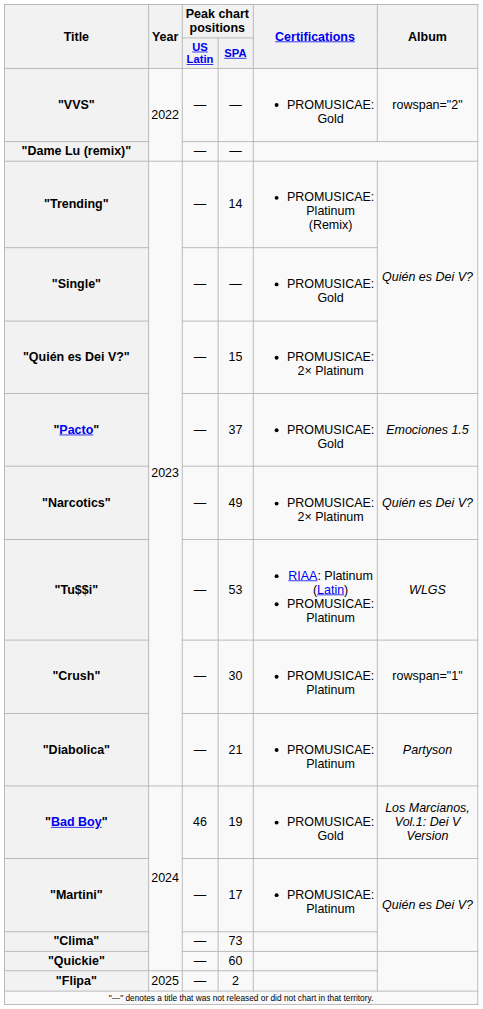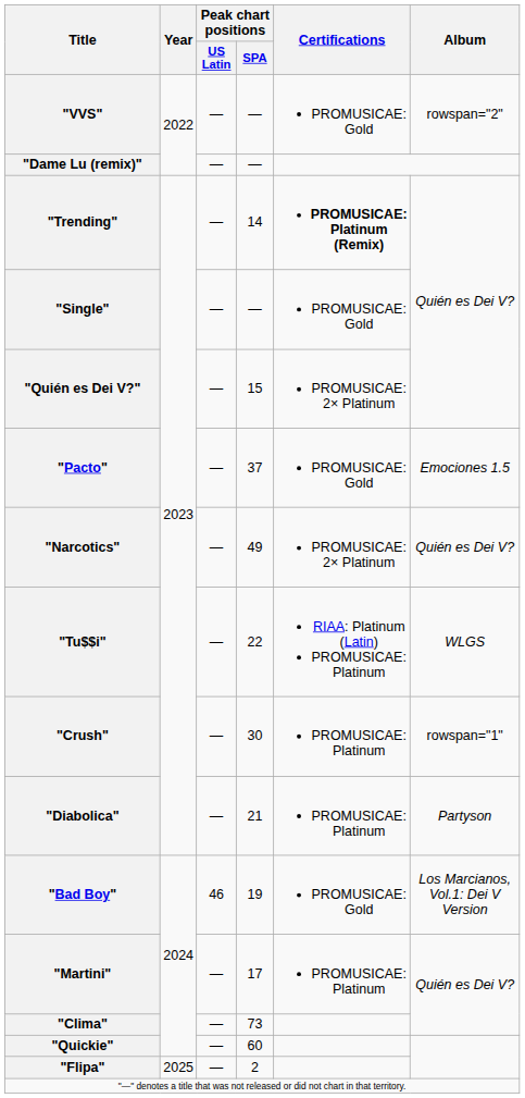 <table class="wikitable plainrowheaders" style="text-align:center;">
 <tr>
 <th scope="col" rowspan="2" style="width:15em;">Title</th>
 <th scope="col" rowspan="2" style="width:1em;">Year</th>
 <th scope="col" colspan="2">Peak chart positions</th>
 <th scope="col" rowspan="2"><a href='#'>Certifications</a></th>
 <th scope="col" rowspan="2" style="width:9em;">Album</th>
 </tr>
 <tr>
 <th scope="col" style="width:3em;font-size:90%;"><a href='#'>US<br>Latin</a><br></th>
 <th scope="col" style="width:3em;font-size:90%;"><a href='#'>SPA</a><br></th>
 </tr>
 <tr>
 <th scope="row">"VVS"</th>
 <td rowspan="2">2022</td>
 <td>—</td>
 <td>—</td>
 <td><br><ul><li>PROMUSICAE: Gold</li></ul></td>
 <td>rowspan="2" </td>
 </tr>
 <tr>
 <th scope="row">"Dame Lu (remix)"<br></th>
 <td>—</td>
 <td>—</td>
 </tr>
 <tr>
 <th scope="row">"Trending"<br></th>
 <td rowspan="8">2023</td>
 <td>—</td>
 <td>14</td>
-<td><br><ul><li>PROMUSICAE: Platinum (Remix)</li></ul></td>
+<td><strong><br><ul><li>PROMUSICAE: Platinum (Remix)</li></ul></strong></td>
 <td rowspan="3"><em>Quién es Dei V?</em></td>
 </tr>
 <tr>
 <th scope="row">"Single"</th>
 <td>—</td>
 <td>—</td>
 <td><br><ul><li>PROMUSICAE: Gold</li></ul></td>
 </tr>
 <tr>
 <th scope="row">"Quién es Dei V?"</th>
 <td>—</td>
 <td>15</td>
 <td><br><ul><li>PROMUSICAE: 2× Platinum</li></ul></td>
 </tr>
 <tr>
 <th scope="row">"<a href='#'>Pacto</a>"<br></th>
 <td>—</td>
 <td>37</td>
 <td><br><ul><li>PROMUSICAE: Gold</li></ul></td>
 <td><em>Emociones 1.5</em></td>
 </tr>
 <tr>
 <th scope="row">"Narcotics"<br></th>
 <td>—</td>
 <td>49</td>
 <td><br><ul><li>PROMUSICAE: 2× Platinum</li></ul></td>
 <td><em>Quién es Dei V?</em></td>
 </tr>
 <tr>
 <th scope="row">"Tu$$i"<br></th>
 <td>—</td>
-<td>53</td>
+<td>22</td>
 <td><br><ul><li><a href='#'>RIAA</a>: Platinum <span>(<a href='#'>Latin</a>)</span></li><li>PROMUSICAE: Platinum</li></ul></td>
 <td><em>WLGS</em></td>
 </tr>
 <tr>
 <th scope="row">"Crush"<br></th>
 <td>—</td>
 <td>30</td>
 <td><br><ul><li>PROMUSICAE: Platinum</li></ul></td>
 <td>rowspan="1" </td>
 </tr>
 <tr>
 <th scope="row">"Diabolica"<br></th>
 <td>—</td>
 <td>21</td>
 <td><br><ul><li>PROMUSICAE: Platinum</li></ul></td>
 <td><em>Partyson</em></td>
 </tr>
 <tr>
 <th scope="row">"<a href='#'>Bad Boy</a>"<br></th>
 <td rowspan="4">2024</td>
 <td>46</td>
 <td>19</td>
 <td><br><ul><li>PROMUSICAE: Gold</li></ul></td>
 <td rowspan="1"><em>Los Marcianos, Vol.1: Dei V Version</em></td>
 </tr>
 <tr>
 <th scope="row">"Martini"</th>
 <td>—</td>
 <td>17</td>
 <td><br><ul><li>PROMUSICAE: Platinum</li></ul></td>
 <td rowspan="2"><em>Quién es Dei V?</em></td>
 </tr>
 <tr>
 <th scope="row">"Clima"<br></th>
 <td>—</td>
 <td>73</td>
 <td></td>
 </tr>
 <tr>
 <th scope="row">"Quickie"</th>
 <td>—</td>
 <td>60</td>
 <td></td>
 </tr>
 <tr>
 <th scope="row">"Flipa"<br></th>
 <td>2025</td>
 <td>—</td>
 <td>2</td>
 <td></td>
 </tr>
 <tr>
 <td colspan="14" style="font-size:8pt;">"—" denotes a title that was not released or did not chart in that territory.</td>
 </tr>
 </table>
